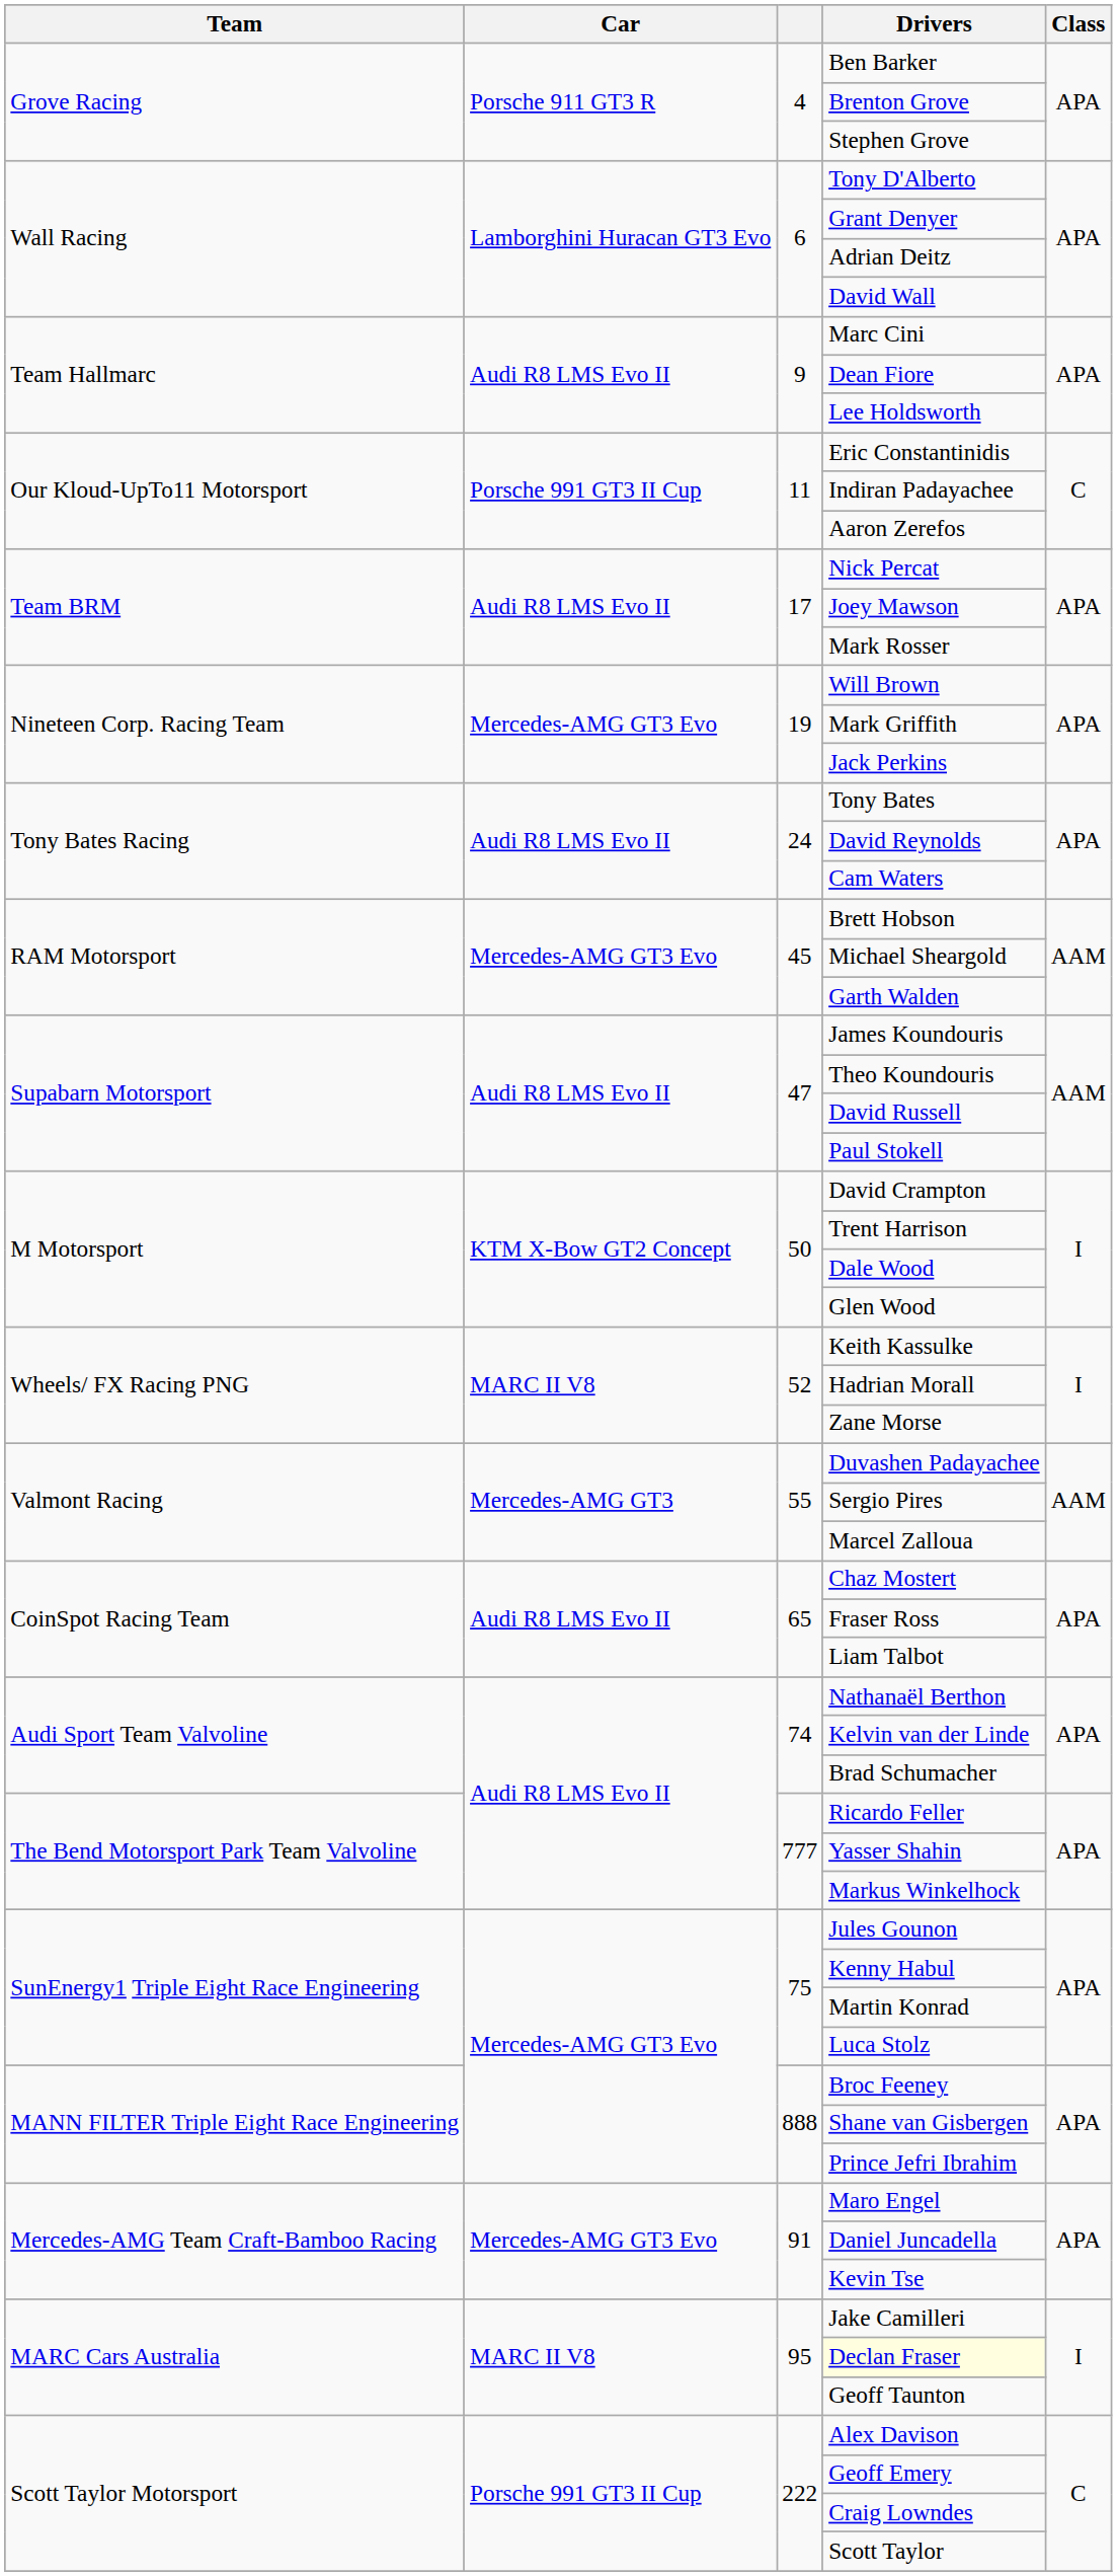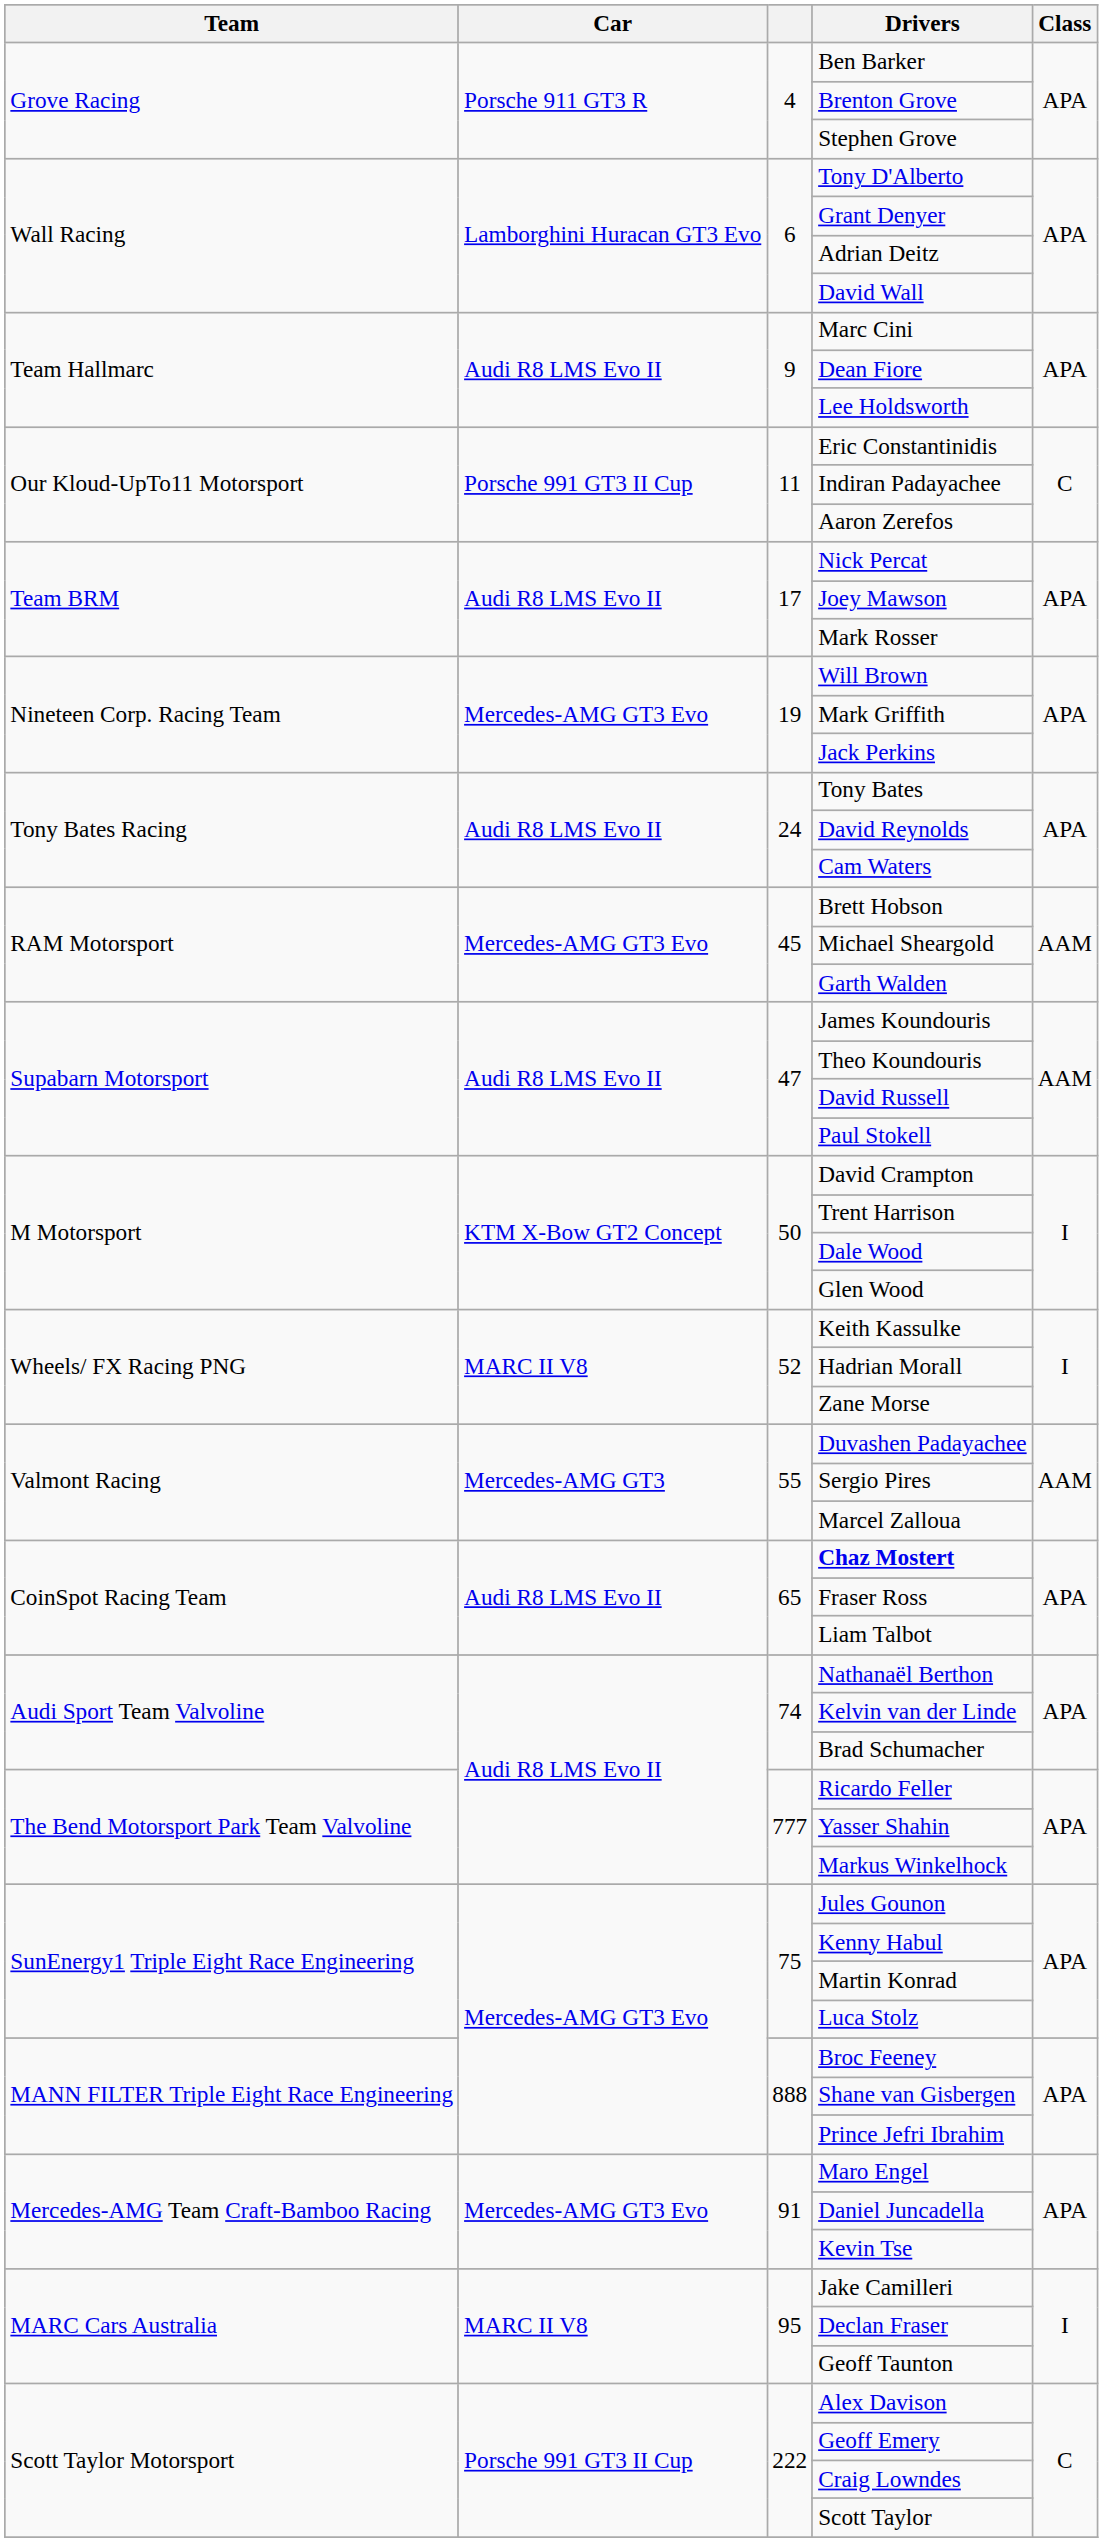 <table class="wikitable" style="font-size: 85%;">
 <tr>
 <th>Team</th>
 <th>Car</th>
 <th></th>
 <th>Drivers</th>
 <th>Class</th>
 </tr>
 <tr>
 <td rowspan="3"> <a href='#'>Grove Racing</a></td>
 <td rowspan="3"><a href='#'>Porsche 911 GT3 R</a></td>
 <td rowspan="3" align="center">4</td>
 <td> Ben Barker</td>
 <td rowspan="3" align="center">APA</td>
 </tr>
 <tr>
 <td> <a href='#'>Brenton Grove</a></td>
 </tr>
 <tr>
 <td> Stephen Grove</td>
 </tr>
 <tr>
 <td rowspan="4"> Wall Racing</td>
 <td rowspan="4"><a href='#'>Lamborghini Huracan GT3 Evo</a></td>
 <td rowspan="4" align="center">6</td>
 <td> <a href='#'>Tony D'Alberto</a></td>
 <td rowspan="4" align="center">APA</td>
 </tr>
 <tr>
 <td> <a href='#'>Grant Denyer</a></td>
 </tr>
 <tr>
 <td> Adrian Deitz</td>
 </tr>
 <tr>
 <td> <a href='#'>David Wall</a></td>
 </tr>
 <tr>
 <td rowspan="3"> Team Hallmarc</td>
 <td rowspan="3"><a href='#'>Audi R8 LMS Evo II</a></td>
 <td rowspan="3" align="center">9</td>
 <td> Marc Cini</td>
 <td rowspan="3" align="center">APA</td>
 </tr>
 <tr>
 <td> <a href='#'>Dean Fiore</a></td>
 </tr>
 <tr>
 <td> <a href='#'>Lee Holdsworth</a></td>
 </tr>
 <tr>
 <td rowspan="3"> Our Kloud-UpTo11 Motorsport</td>
 <td rowspan="3"><a href='#'>Porsche 991 GT3 II Cup</a></td>
 <td rowspan="3" align="center">11</td>
 <td> Eric Constantinidis</td>
 <td rowspan="3" align=center>C</td>
 </tr>
 <tr>
 <td> Indiran Padayachee</td>
 </tr>
 <tr>
 <td> Aaron Zerefos</td>
 </tr>
 <tr>
 <td rowspan="3"> <a href='#'>Team BRM</a></td>
 <td rowspan="3"><a href='#'>Audi R8 LMS Evo II</a></td>
 <td rowspan="3" align="center">17</td>
 <td> <a href='#'>Nick Percat</a></td>
 <td rowspan="3" align="center">APA</td>
 </tr>
 <tr>
 <td> <a href='#'>Joey Mawson</a></td>
 </tr>
 <tr>
 <td> Mark Rosser</td>
 </tr>
 <tr>
 <td rowspan="3"> Nineteen Corp. Racing Team</td>
 <td rowspan="3"><a href='#'>Mercedes-AMG GT3 Evo</a></td>
 <td rowspan="3" align="center">19</td>
 <td> <a href='#'>Will Brown</a></td>
 <td rowspan="3" align="center">APA</td>
 </tr>
 <tr>
 <td> Mark Griffith</td>
 </tr>
 <tr>
 <td> <a href='#'>Jack Perkins</a></td>
 </tr>
 <tr>
 <td rowspan="3"> Tony Bates Racing</td>
 <td rowspan="3"><a href='#'>Audi R8 LMS Evo II</a></td>
 <td rowspan="3" align="center">24</td>
 <td> Tony Bates</td>
 <td rowspan="3" align="center">APA</td>
 </tr>
 <tr>
 <td> <a href='#'>David Reynolds</a></td>
 </tr>
 <tr>
 <td> <a href='#'>Cam Waters</a></td>
 </tr>
 <tr>
 <td rowspan="3"> RAM Motorsport</td>
 <td rowspan="3"><a href='#'>Mercedes-AMG GT3 Evo</a></td>
 <td rowspan="3" align="center">45</td>
 <td> Brett Hobson</td>
 <td rowspan="3" align="center">AAM</td>
 </tr>
 <tr>
 <td> Michael Sheargold</td>
 </tr>
 <tr>
 <td> <a href='#'>Garth Walden</a></td>
 </tr>
 <tr>
 <td rowspan="4"> <a href='#'>Supabarn Motorsport</a></td>
 <td rowspan="4"><a href='#'>Audi R8 LMS Evo II</a></td>
 <td rowspan="4" align="center">47</td>
 <td> James Koundouris</td>
 <td rowspan="4" align="center">AAM</td>
 </tr>
 <tr>
 <td> Theo Koundouris</td>
 </tr>
 <tr>
 <td> <a href='#'>David Russell</a></td>
 </tr>
 <tr>
 <td> <a href='#'>Paul Stokell</a></td>
 </tr>
 <tr>
 <td rowspan="4"> M Motorsport</td>
 <td rowspan="4"><a href='#'>KTM X-Bow GT2 Concept</a></td>
 <td rowspan="4" align="center">50</td>
 <td> David Crampton</td>
 <td rowspan="4" align=center>I</td>
 </tr>
 <tr>
 <td> Trent Harrison</td>
 </tr>
 <tr>
 <td> <a href='#'>Dale Wood</a></td>
 </tr>
 <tr>
 <td> Glen Wood</td>
 </tr>
 <tr>
 <td rowspan="3"> Wheels/ FX Racing PNG</td>
 <td rowspan="3"><a href='#'>MARC II V8</a></td>
 <td rowspan="3" align="center">52</td>
 <td> Keith Kassulke</td>
 <td rowspan="3" align=center>I</td>
 </tr>
 <tr>
 <td> Hadrian Morall</td>
 </tr>
 <tr>
 <td> Zane Morse</td>
 </tr>
 <tr>
 <td rowspan="3"> Valmont Racing</td>
 <td rowspan="3"><a href='#'>Mercedes-AMG GT3</a></td>
 <td rowspan="3" align="center">55</td>
 <td> <a href='#'>Duvashen Padayachee</a></td>
 <td rowspan="3" align="center">AAM</td>
 </tr>
 <tr>
 <td> Sergio Pires</td>
 </tr>
 <tr>
 <td> Marcel Zalloua</td>
 </tr>
 <tr>
 <td rowspan="3"> CoinSpot Racing Team</td>
 <td rowspan="3"><a href='#'>Audi R8 LMS Evo II</a></td>
 <td rowspan="3" align="center">65</td>
-<td> <a href='#'>Chaz Mostert</a></td>
+<td><strong> <a href='#'>Chaz Mostert</a></strong></td>
 <td rowspan="3" align="center">APA</td>
 </tr>
 <tr>
 <td> Fraser Ross</td>
 </tr>
 <tr>
 <td> Liam Talbot</td>
 </tr>
 <tr>
 <td rowspan="3"> <a href='#'>Audi Sport</a> Team <a href='#'>Valvoline</a></td>
 <td rowspan="6"><a href='#'>Audi R8 LMS Evo II</a></td>
 <td rowspan="3" align="center">74</td>
 <td> <a href='#'>Nathanaël Berthon</a></td>
 <td rowspan="3" align="center">APA</td>
 </tr>
 <tr>
 <td> <a href='#'>Kelvin van der Linde</a></td>
 </tr>
 <tr>
 <td> Brad Schumacher</td>
 </tr>
 <tr>
 <td rowspan="3"> <a href='#'>The Bend Motorsport Park</a> Team <a href='#'>Valvoline</a></td>
 <td rowspan="3" align="center">777</td>
 <td> <a href='#'>Ricardo Feller</a></td>
 <td rowspan="3" align="center">APA</td>
 </tr>
 <tr>
 <td> <a href='#'>Yasser Shahin</a></td>
 </tr>
 <tr>
 <td> <a href='#'>Markus Winkelhock</a></td>
 </tr>
 <tr>
 <td rowspan="4"> <a href='#'>SunEnergy1</a> <a href='#'>Triple Eight Race Engineering</a></td>
 <td rowspan="7"><a href='#'>Mercedes-AMG GT3 Evo</a></td>
 <td rowspan="4" align="center">75</td>
 <td> <a href='#'>Jules Gounon</a></td>
 <td rowspan="4" align="center">APA</td>
 </tr>
 <tr>
 <td> <a href='#'>Kenny Habul</a></td>
 </tr>
 <tr>
 <td> Martin Konrad</td>
 </tr>
 <tr>
 <td> <a href='#'>Luca Stolz</a></td>
 </tr>
 <tr>
 <td rowspan="3"> <a href='#'>MANN FILTER Triple Eight Race Engineering</a></td>
 <td rowspan="3" align="center">888</td>
 <td> <a href='#'>Broc Feeney</a></td>
 <td rowspan="3" align="center">APA</td>
 </tr>
 <tr>
 <td> <a href='#'>Shane van Gisbergen</a></td>
 </tr>
 <tr>
 <td> <a href='#'>Prince Jefri Ibrahim</a></td>
 </tr>
 <tr>
 <td rowspan="3"> <a href='#'>Mercedes-AMG</a> Team <a href='#'>Craft-Bamboo Racing</a></td>
 <td rowspan="3"><a href='#'>Mercedes-AMG GT3 Evo</a></td>
 <td rowspan="3" align="center">91</td>
 <td> <a href='#'>Maro Engel</a></td>
 <td rowspan="3" align="center">APA</td>
 </tr>
 <tr>
 <td> <a href='#'>Daniel Juncadella</a></td>
 </tr>
 <tr>
 <td> <a href='#'>Kevin Tse</a></td>
 </tr>
 <tr>
 <td rowspan="3"> <a href='#'>MARC Cars Australia</a></td>
 <td rowspan="3"><a href='#'>MARC II V8</a></td>
 <td rowspan="3" align="center">95</td>
 <td> Jake Camilleri</td>
 <td rowspan="3" align=center>I</td>
 </tr>
 <tr>
-<td style="background: lightyellow;"> <a href='#'>Declan Fraser</a></td>
+<td> <a href='#'>Declan Fraser</a></td>
 </tr>
 <tr>
 <td> Geoff Taunton</td>
 </tr>
 <tr>
 <td rowspan="4"> Scott Taylor Motorsport</td>
 <td rowspan="4"><a href='#'>Porsche 991 GT3 II Cup</a></td>
 <td rowspan="4" align="center">222</td>
 <td> <a href='#'>Alex Davison</a></td>
 <td rowspan="4" align=center>C</td>
 </tr>
 <tr>
 <td> <a href='#'>Geoff Emery</a></td>
 </tr>
 <tr>
 <td> <a href='#'>Craig Lowndes</a></td>
 </tr>
 <tr>
 <td> Scott Taylor</td>
 </tr>
 <tr>
 </tr>
 </table>
